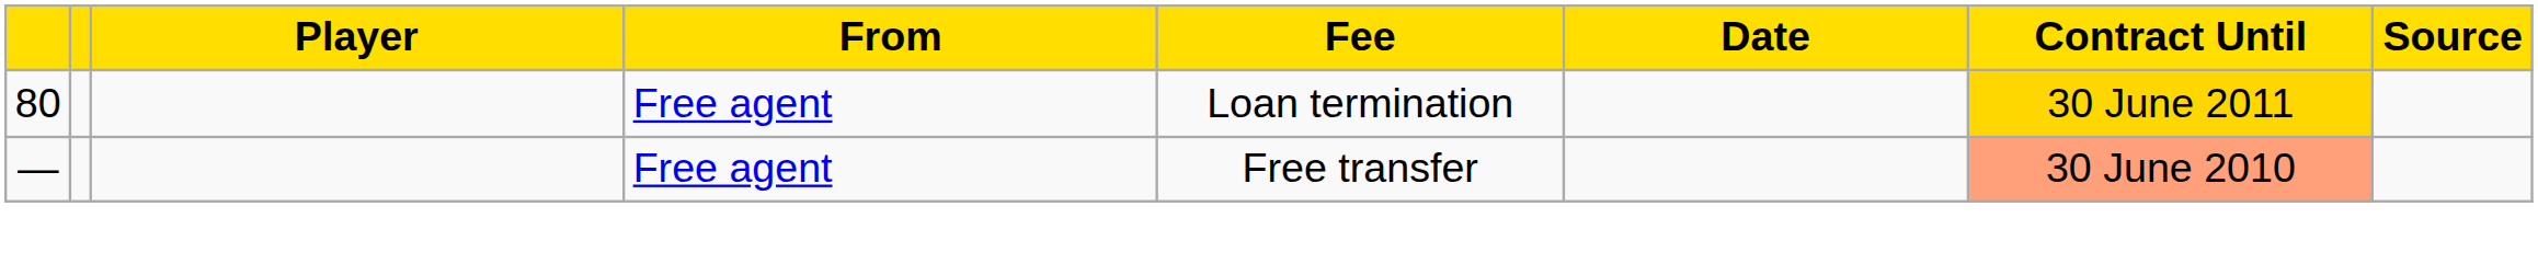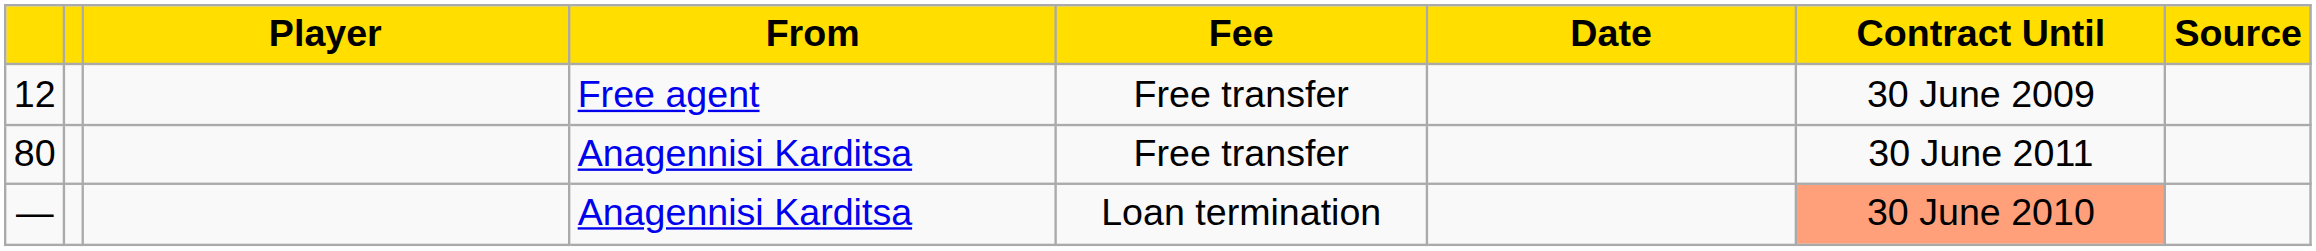 <table class="wikitable sortable">
 <tr>
 <th style="background:#FFDE00"></th>
 <th style="background:#FFDE00"></th>
 <th width=200 style="background:#FFDE00">Player</th>
 <th width=200 style="background:#FFDE00">From</th>
 <th width=150 style="background:#FFDE00">Fee</th>
 <th width=150 style="background:#FFDE00">Date</th>
 <th width=150 style="background:#FFDE00">Contract Until</th>
 <th style="background:#FFDE00">Source</th>
 </tr>
 <tr>
+<td align=center>12</td>
+<td align=center></td>
+<td></td>
+<td><a href='#'>Free agent</a></td>
+<td align=center>Free transfer</td>
+<td align=center></td>
+<td align=center>30 June 2009</td>
+<td align=center></td>
+</tr>
+<tr>
 <td align=center>80</td>
 <td align=center></td>
 <td></td>
-<td><a href='#'>Free agent</a></td>
-<td align=center>Loan termination</td>
+<td> <a href='#'>Anagennisi Karditsa</a></td>
+<td align=center>Free transfer</td>
 <td align=center></td>
-<td align=center style="background: gold;">30 June 2011</td>
+<td align=center>30 June 2011</td>
 <td align=center></td>
 </tr>
 <tr>
 <td align=center>—</td>
 <td align=center></td>
 <td></td>
-<td><a href='#'>Free agent</a></td>
-<td align=center>Free transfer</td>
+<td> <a href='#'>Anagennisi Karditsa</a></td>
+<td align=center>Loan termination</td>
 <td align=center></td>
 <td align=center style="background: lightsalmon;">30 June 2010</td>
 <td align=center></td>
 </tr>
 </table>
